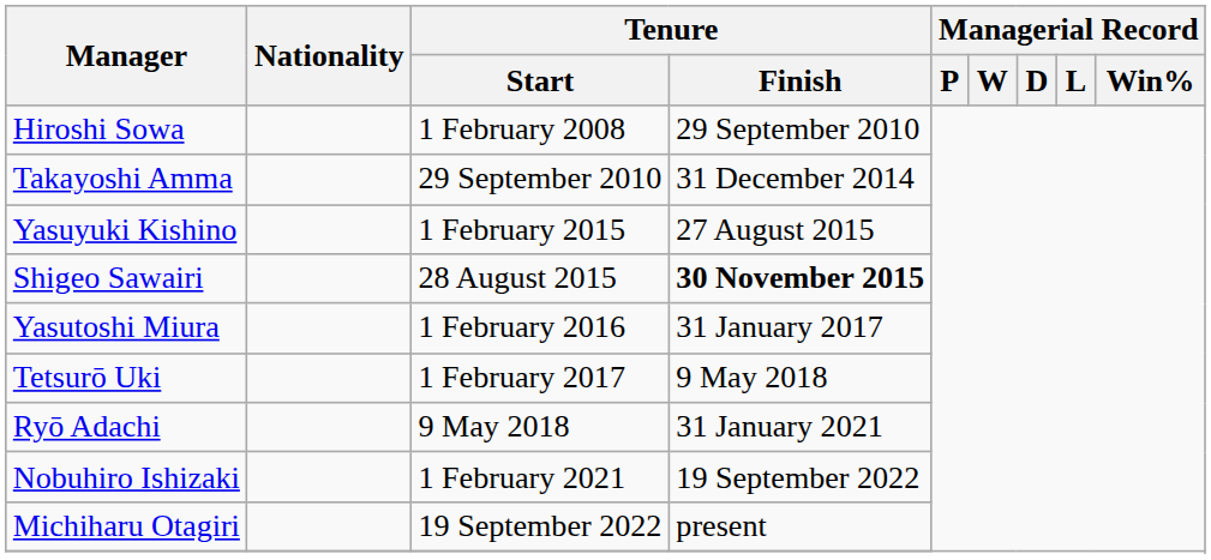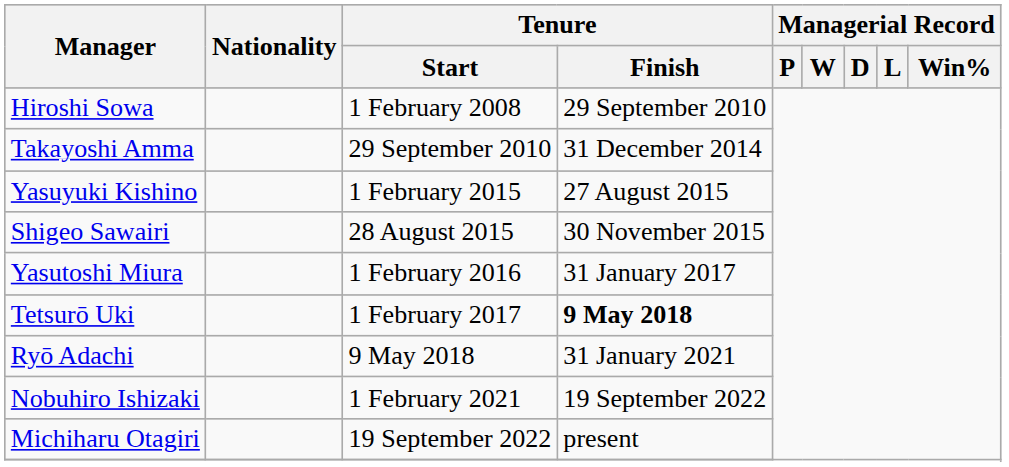 <table class="wikitable">
 <tr>
 <th rowspan="2">Manager</th>
 <th rowspan="2">Nationality</th>
 <th colspan="2">Tenure</th>
 <th colspan="5"><strong>Managerial Record</strong></th>
 </tr>
 <tr>
 <th>Start</th>
 <th>Finish</th>
 <th>P</th>
 <th>W</th>
 <th>D</th>
 <th>L</th>
 <th>Win%</th>
 </tr>
 <tr>
 <td><a href='#'>Hiroshi Sowa</a></td>
 <td></td>
 <td>1 February 2008</td>
 <td>29 September 2010<br></td>
 </tr>
 <tr>
 <td><a href='#'>Takayoshi Amma</a></td>
 <td></td>
 <td>29 September 2010</td>
 <td>31 December 2014<br> </td>
 </tr>
 <tr>
 <td><a href='#'>Yasuyuki Kishino</a></td>
 <td></td>
 <td>1 February 2015</td>
 <td>27 August 2015<br></td>
 </tr>
 <tr>
 <td><a href='#'>Shigeo Sawairi</a></td>
 <td></td>
 <td>28 August 2015</td>
-<td><strong>30 November 2015<br></strong></td>
+<td>30 November 2015<br></td>
 </tr>
 <tr>
 <td><a href='#'>Yasutoshi Miura</a></td>
 <td></td>
 <td>1 February 2016</td>
 <td>31 January 2017<br></td>
 </tr>
 <tr>
 <td><a href='#'>Tetsurō Uki</a></td>
 <td></td>
 <td>1 February 2017</td>
-<td>9 May 2018<br></td>
+<td><strong>9 May 2018<br></strong></td>
 </tr>
 <tr>
 <td><a href='#'>Ryō Adachi</a></td>
 <td></td>
 <td>9 May 2018</td>
 <td>31 January 2021<br></td>
 </tr>
 <tr>
 <td><a href='#'>Nobuhiro Ishizaki</a></td>
 <td></td>
 <td>1 February 2021</td>
 <td>19 September 2022<br></td>
 </tr>
 <tr>
 <td><a href='#'>Michiharu Otagiri</a></td>
 <td></td>
 <td>19 September 2022</td>
 <td>present<br></td>
 </tr>
 <tr>
 </tr>
 </table>
